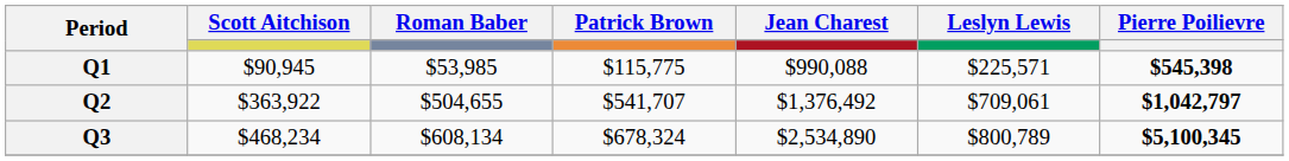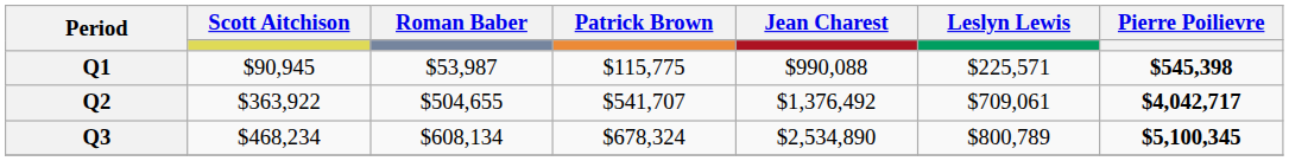 <table class="wikitable" style="font-size:100%; text-align:center;">
 <tr>
 <th rowspan="2" style="width:125px;">Period</th>
 <th align="center" style="width:125px;"><a href='#'>Scott Aitchison</a></th>
 <th align="center" style="width:125px;"><a href='#'>Roman Baber</a></th>
 <th align="center" style="width:125px;"><a href='#'>Patrick Brown</a></th>
 <th align="center" style="width:125px;"><a href='#'>Jean Charest</a></th>
 <th align="center" style="width:125px;"><a href='#'>Leslyn Lewis</a></th>
 <th align="center" style="width:125px;"><a href='#'>Pierre Poilievre</a></th>
 </tr>
 <tr class="sorttop">
 <th style="background-color:#dfda57;"></th>
 <th style="background-color:#75859e;"></th>
 <th style="background-color:#ec8a37;"></th>
 <th style="background-color:#AD1222;"></th>
 <th style="background-color:#009E60;"></th>
 <th style="background-color:"></th>
 </tr>
 <tr valign="top">
 <th>Q1<br></th>
 <td>$90,945</td>
-<td>$53,985</td>
+<td>$53,987</td>
 <td>$115,775</td>
 <td>$990,088</td>
 <td>$225,571</td>
 <td style="background-color:"><strong>$545,398</strong></td>
 </tr>
 <tr valign="top">
 <th>Q2<br></th>
 <td>$363,922</td>
 <td>$504,655</td>
 <td>$541,707</td>
 <td>$1,376,492</td>
 <td>$709,061</td>
-<td style="background-color:"><strong>$1,042,797</strong></td>
+<td style="background-color:"><strong>$4,042,717</strong></td>
 </tr>
 <tr>
 <th>Q3</th>
 <td>$468,234</td>
 <td>$608,134</td>
 <td>$678,324</td>
 <td>$2,534,890</td>
 <td>$800,789</td>
 <td style="background-color:"><strong>$5,100,345</strong></td>
 </tr>
 <tr valign="top">
 </tr>
 </table>
